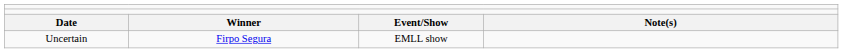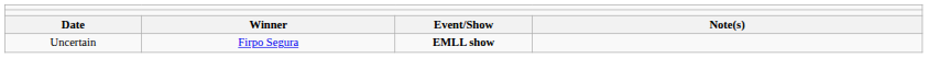 <table class="wikitable" style="text-align:center; width:100%;">
 <tr>
 <td colspan=5></td>
 </tr>
 <tr>
 <td colspan=5><strong></strong></td>
 </tr>
 <tr>
 <th width=14%>Date</th>
 <th width=26%>Winner</th>
 <th width=14%>Event/Show</th>
 <th width=40%>Note(s)</th>
 </tr>
 <tr>
 <td>Uncertain</td>
 <td><a href='#'>Firpo Segura</a></td>
-<td>EMLL show</td>
+<td><strong>EMLL show</strong></td>
 <td align=left></td>
 </tr>
 </table>
